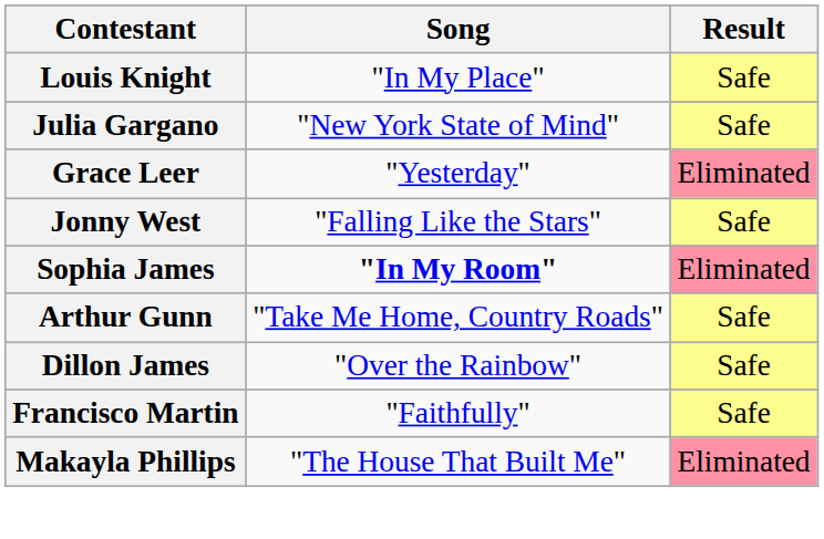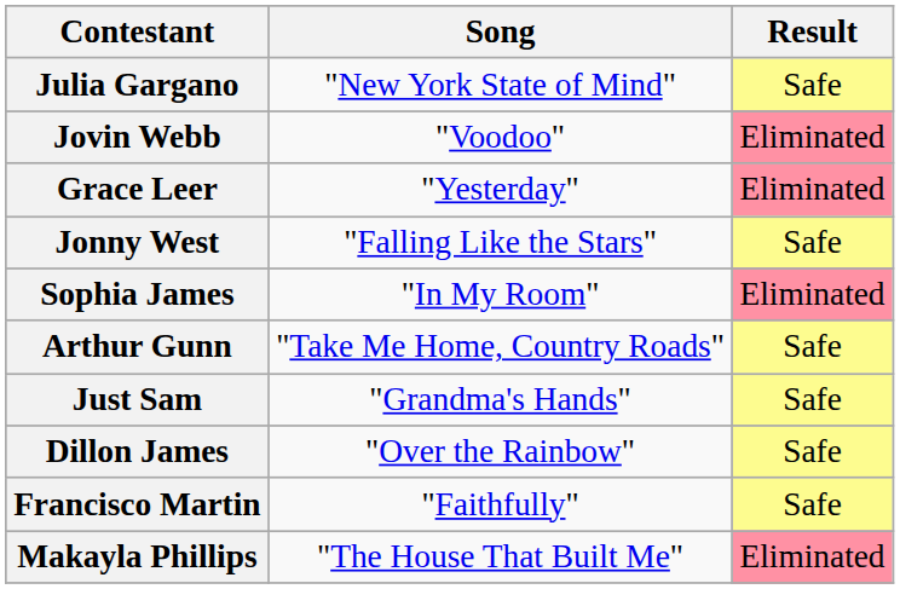 <table class="wikitable" style="text-align:center">
 <tr>
 <th scope="col">Contestant</th>
 <th scope="col">Song</th>
 <th scope="col">Result</th>
 </tr>
 <tr>
-<th scope="row">Louis Knight</th>
-<td>"<a href='#'>In My Place</a>"</td>
+<th scope="row">Julia Gargano</th>
+<td>"<a href='#'>New York State of Mind</a>"</td>
 <td style="background:#FDFC8F;">Safe</td>
 </tr>
 <tr>
-<th scope="row">Julia Gargano</th>
-<td>"<a href='#'>New York State of Mind</a>"</td>
-<td style="background:#FDFC8F;">Safe</td>
+<th scope="row">Jovin Webb</th>
+<td>"<a href='#'>Voodoo</a>"</td>
+<td style="background:#FF91A4;">Eliminated</td>
 </tr>
 <tr>
 <th scope="row">Grace Leer</th>
 <td>"<a href='#'>Yesterday</a>"</td>
 <td style="background:#FF91A4;">Eliminated</td>
 </tr>
 <tr>
 <th scope="row">Jonny West</th>
 <td>"<a href='#'>Falling Like the Stars</a>"</td>
 <td style="background:#FDFC8F;">Safe</td>
 </tr>
 <tr>
 <th scope="row">Sophia James</th>
-<td><strong>"<a href='#'>In My Room</a>"</strong></td>
+<td>"<a href='#'>In My Room</a>"</td>
 <td style="background:#FF91A4;">Eliminated</td>
 </tr>
 <tr>
 <th scope="row">Arthur Gunn</th>
 <td>"<a href='#'>Take Me Home, Country Roads</a>"</td>
+<td style="background:#FDFC8F;">Safe</td>
+</tr>
+<tr>
+<th scope="row">Just Sam</th>
+<td>"<a href='#'>Grandma's Hands</a>"</td>
 <td style="background:#FDFC8F;">Safe</td>
 </tr>
 <tr>
 <th scope="row">Dillon James</th>
 <td>"<a href='#'>Over the Rainbow</a>"</td>
 <td style="background:#FDFC8F;">Safe</td>
 </tr>
 <tr>
 <th scope="row">Francisco Martin</th>
 <td>"<a href='#'>Faithfully</a>"</td>
 <td style="background:#FDFC8F;">Safe</td>
 </tr>
 <tr>
 <th scope="row">Makayla Phillips</th>
 <td>"<a href='#'>The House That Built Me</a>"</td>
 <td style="background:#FF91A4;">Eliminated</td>
 </tr>
 </table>
